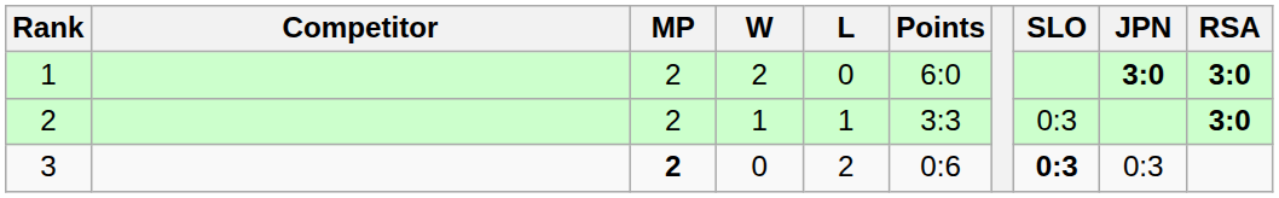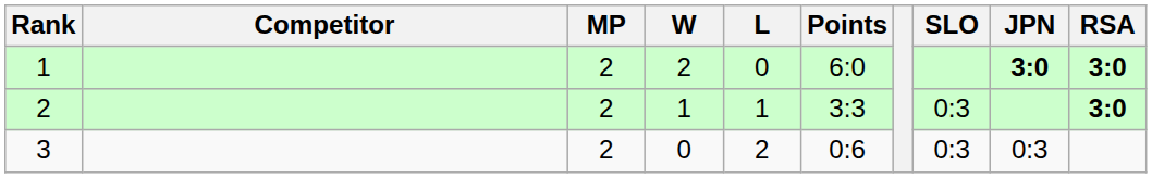 <table class="wikitable" style="text-align:center">
 <tr>
 <th>Rank</th>
 <th style="width:18em">Competitor</th>
 <th style="width:2.5em">MP</th>
 <th style="width:2.5em">W</th>
 <th style="width:2.5em">L</th>
 <th>Points</th>
 <th rowspan="4"> </th>
 <th style="width:2.5em">SLO</th>
 <th style="width:2.5em">JPN</th>
 <th style="width:2.5em">RSA</th>
 </tr>
 <tr style="background:#cfc;">
 <td>1</td>
 <td style="text-align:left"></td>
 <td>2</td>
 <td>2</td>
 <td>0</td>
 <td>6:0</td>
 <td></td>
 <td><strong>3:0</strong></td>
 <td><strong>3:0</strong></td>
 </tr>
 <tr style="background:#cfc;">
 <td>2</td>
 <td style="text-align:left"></td>
 <td>2</td>
 <td>1</td>
 <td>1</td>
 <td>3:3</td>
 <td>0:3</td>
 <td></td>
 <td><strong>3:0</strong></td>
 </tr>
 <tr>
 <td>3</td>
 <td style="text-align:left"></td>
-<td><strong>2</strong></td>
+<td>2</td>
 <td>0</td>
 <td>2</td>
 <td>0:6</td>
-<td><strong>0:3</strong></td>
+<td>0:3</td>
 <td>0:3</td>
 <td></td>
 </tr>
 </table>
